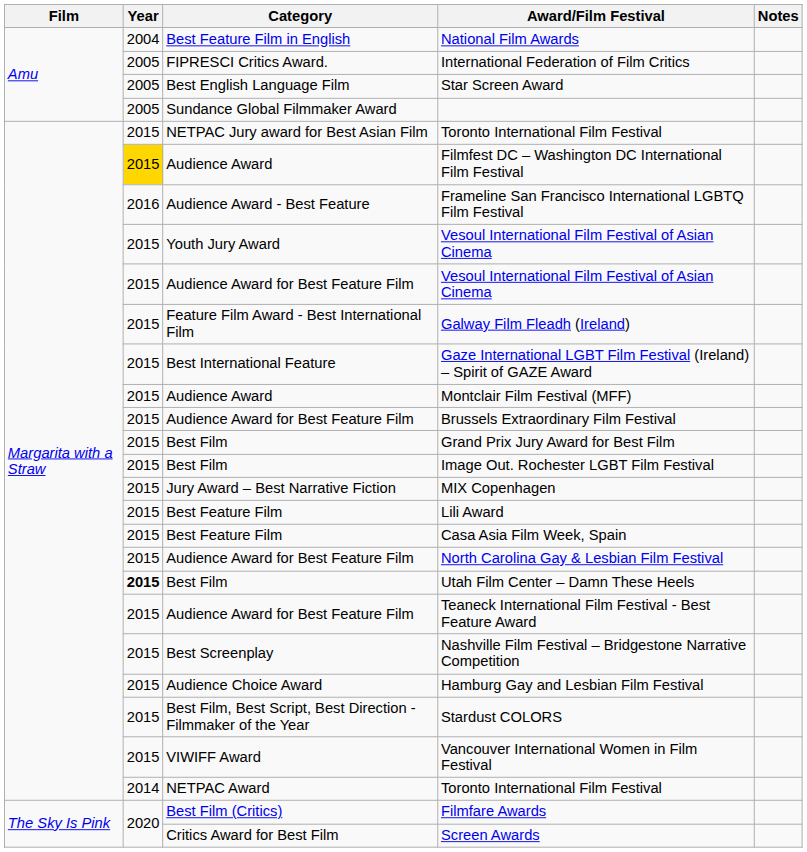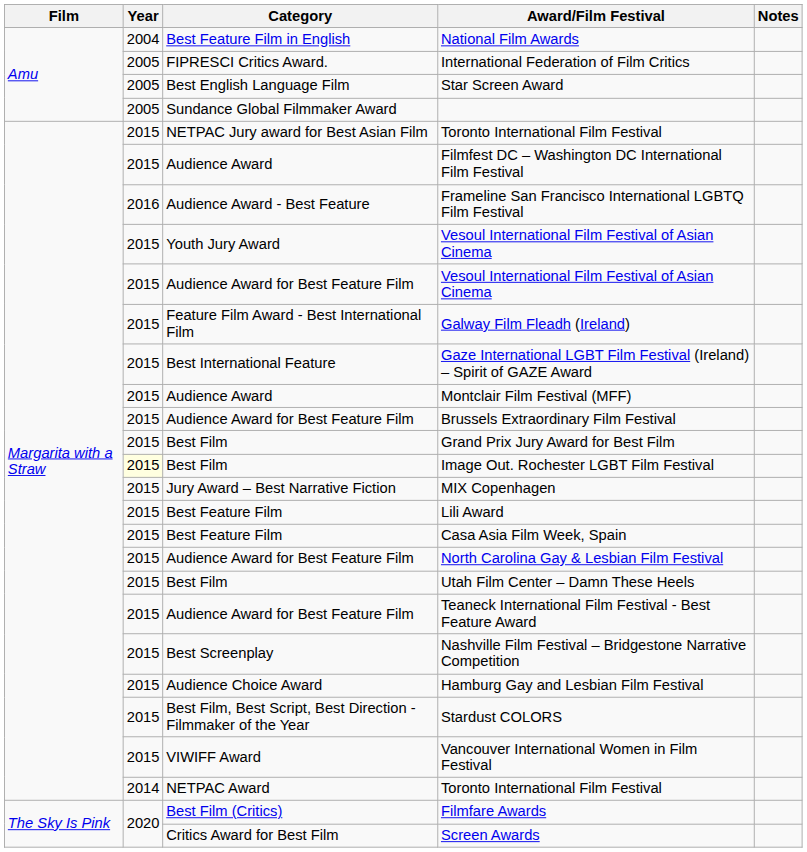 <table class="wikitable sortable collapsible">
 <tr>
 <th>Film</th>
 <th>Year</th>
 <th>Category</th>
 <th>Award/Film Festival</th>
 <th>Notes</th>
 </tr>
 <tr>
 <td rowspan="4"><em><a href='#'>Amu</a></em></td>
 <td>2004</td>
 <td><a href='#'>Best Feature Film in English</a></td>
 <td><a href='#'>National Film Awards</a></td>
 <td></td>
 </tr>
 <tr>
 <td>2005</td>
 <td>FIPRESCI Critics Award.</td>
 <td>International Federation of Film Critics</td>
 <td></td>
 </tr>
 <tr>
 <td>2005</td>
 <td>Best English Language Film</td>
 <td>Star Screen Award</td>
 <td></td>
 </tr>
 <tr>
 <td>2005</td>
 <td>Sundance Global Filmmaker Award</td>
 <td></td>
 <td></td>
 </tr>
 <tr>
 <td rowspan="22"><em><a href='#'>Margarita with a Straw</a></em></td>
 <td>2015</td>
 <td>NETPAC Jury award for Best Asian Film </td>
 <td>Toronto International Film Festival</td>
 <td></td>
 </tr>
 <tr>
-<td style="background: gold;">2015</td>
+<td>2015</td>
 <td>Audience Award</td>
 <td>Filmfest DC – Washington DC International Film Festival</td>
 <td></td>
 </tr>
 <tr>
 <td>2016</td>
 <td>Audience Award - Best Feature</td>
 <td>Frameline San Francisco International LGBTQ Film Festival</td>
 <td></td>
 </tr>
 <tr>
 <td>2015</td>
 <td>Youth Jury Award</td>
 <td><a href='#'>Vesoul International Film Festival of Asian Cinema</a></td>
 <td></td>
 </tr>
 <tr>
 <td>2015</td>
 <td>Audience Award for Best Feature Film</td>
 <td><a href='#'>Vesoul International Film Festival of Asian Cinema</a></td>
 <td></td>
 </tr>
 <tr>
 <td>2015</td>
 <td>Feature Film Award - Best International Film</td>
 <td><a href='#'>Galway Film Fleadh</a> (<a href='#'>Ireland</a>)</td>
 <td></td>
 </tr>
 <tr>
 <td>2015</td>
 <td>Best International Feature</td>
 <td><a href='#'>Gaze International LGBT Film Festival</a> (Ireland) – Spirit of GAZE Award</td>
 <td></td>
 </tr>
 <tr>
 <td>2015</td>
 <td>Audience Award</td>
 <td>Montclair Film Festival (MFF)</td>
 <td></td>
 </tr>
 <tr>
 <td>2015</td>
 <td>Audience Award for Best Feature Film</td>
 <td>Brussels Extraordinary Film Festival</td>
 <td></td>
 </tr>
 <tr>
 <td>2015</td>
 <td>Best Film</td>
 <td>Grand Prix Jury Award for Best Film</td>
 <td></td>
 </tr>
 <tr>
-<td>2015</td>
+<td style="background: lightyellow;">2015</td>
 <td>Best Film</td>
 <td>Image Out. Rochester LGBT Film Festival</td>
 <td></td>
 </tr>
 <tr>
 <td>2015</td>
 <td>Jury Award – Best Narrative Fiction</td>
 <td>MIX Copenhagen</td>
 <td></td>
 </tr>
 <tr>
 <td>2015</td>
 <td>Best Feature Film</td>
 <td>Lili Award</td>
 <td></td>
 </tr>
 <tr>
 <td>2015</td>
 <td>Best Feature Film</td>
 <td>Casa Asia Film Week, Spain</td>
 <td></td>
 </tr>
 <tr>
 <td>2015</td>
 <td>Audience Award for Best Feature Film</td>
 <td><a href='#'>North Carolina Gay & Lesbian Film Festival</a></td>
 <td></td>
 </tr>
 <tr>
-<td><strong>2015</strong></td>
+<td>2015</td>
 <td>Best Film</td>
 <td>Utah Film Center – Damn These Heels</td>
 <td></td>
 </tr>
 <tr>
 <td>2015</td>
 <td>Audience Award for Best Feature Film</td>
 <td>Teaneck International Film Festival - Best Feature Award</td>
 <td></td>
 </tr>
 <tr>
 <td>2015</td>
 <td>Best Screenplay</td>
 <td>Nashville Film Festival – Bridgestone Narrative Competition</td>
 <td></td>
 </tr>
 <tr>
 <td>2015</td>
 <td>Audience Choice Award</td>
 <td>Hamburg Gay and Lesbian Film Festival</td>
 <td></td>
 </tr>
 <tr>
 <td>2015</td>
 <td>Best Film, Best Script, Best Direction - Filmmaker of the Year</td>
 <td>Stardust COLORS </td>
 <td></td>
 </tr>
 <tr>
 <td>2015</td>
 <td>VIWIFF Award</td>
 <td>Vancouver International Women in Film Festival</td>
 <td></td>
 </tr>
 <tr>
 <td>2014</td>
 <td>NETPAC Award</td>
 <td>Toronto International Film Festival</td>
 <td></td>
 </tr>
 <tr>
 <td rowspan="3"><em><a href='#'>The Sky Is Pink</a></em></td>
 <td rowspan="3">2020</td>
 <td><a href='#'>Best Film (Critics)</a></td>
 <td><a href='#'>Filmfare Awards</a></td>
 <td></td>
 </tr>
 <tr>
 <td>Critics Award for Best Film</td>
 <td><a href='#'>Screen Awards</a></td>
 <td></td>
 </tr>
 </table>
